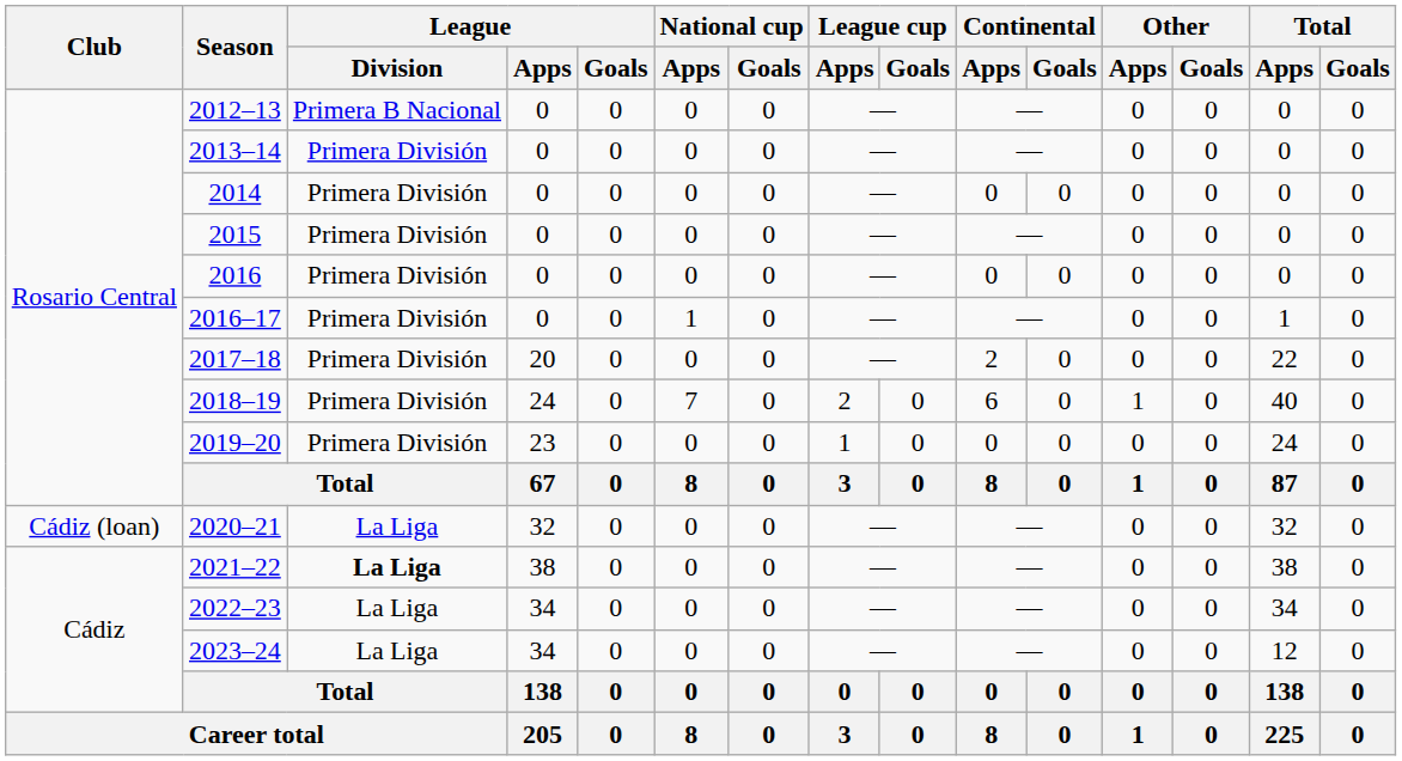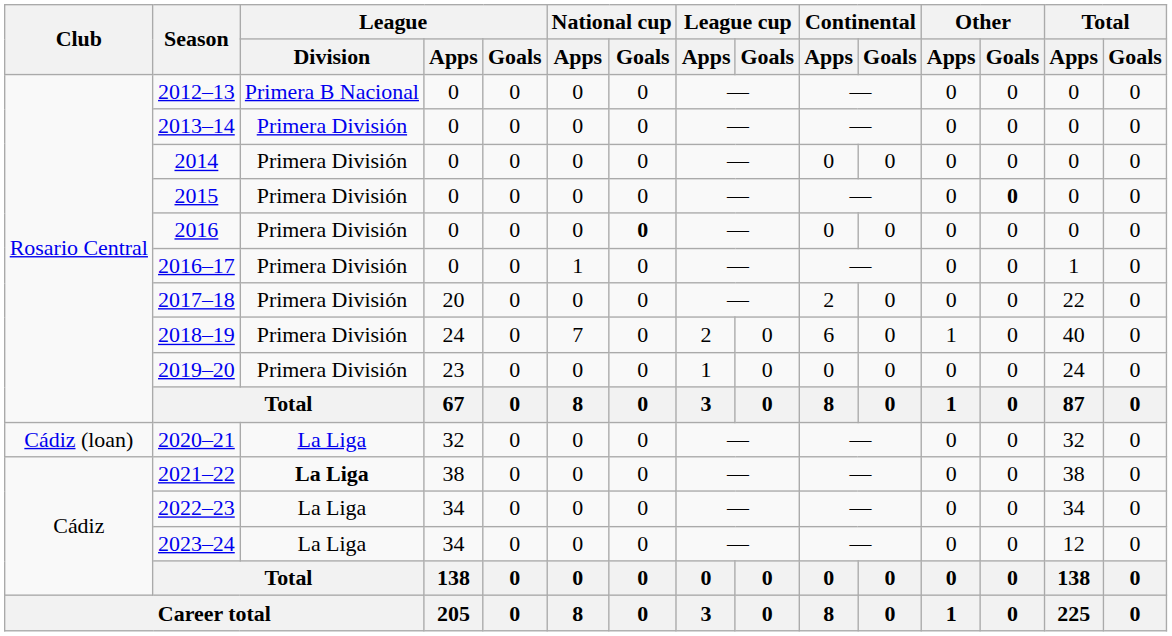 <table class="wikitable" style="text-align:center">
 <tr>
 <th rowspan="2">Club</th>
 <th rowspan="2">Season</th>
 <th colspan="3">League</th>
 <th colspan="2">National cup</th>
 <th colspan="2">League cup</th>
 <th colspan="2">Continental</th>
 <th colspan="2">Other</th>
 <th colspan="2">Total</th>
 </tr>
 <tr>
 <th>Division</th>
 <th>Apps</th>
 <th>Goals</th>
 <th>Apps</th>
 <th>Goals</th>
 <th>Apps</th>
 <th>Goals</th>
 <th>Apps</th>
 <th>Goals</th>
 <th>Apps</th>
 <th>Goals</th>
 <th>Apps</th>
 <th>Goals</th>
 </tr>
 <tr>
 <td rowspan="10"><a href='#'>Rosario Central</a></td>
 <td><a href='#'>2012–13</a></td>
 <td><a href='#'>Primera B Nacional</a></td>
 <td>0</td>
 <td>0</td>
 <td>0</td>
 <td>0</td>
 <td colspan="2">—</td>
 <td colspan="2">—</td>
 <td>0</td>
 <td>0</td>
 <td>0</td>
 <td>0</td>
 </tr>
 <tr>
 <td><a href='#'>2013–14</a></td>
 <td><a href='#'>Primera División</a></td>
 <td>0</td>
 <td>0</td>
 <td>0</td>
 <td>0</td>
 <td colspan="2">—</td>
 <td colspan="2">—</td>
 <td>0</td>
 <td>0</td>
 <td>0</td>
 <td>0</td>
 </tr>
 <tr>
 <td><a href='#'>2014</a></td>
 <td>Primera División</td>
 <td>0</td>
 <td>0</td>
 <td>0</td>
 <td>0</td>
 <td colspan="2">—</td>
 <td>0</td>
 <td>0</td>
 <td>0</td>
 <td>0</td>
 <td>0</td>
 <td>0</td>
 </tr>
 <tr>
 <td><a href='#'>2015</a></td>
 <td>Primera División</td>
 <td>0</td>
 <td>0</td>
 <td>0</td>
 <td>0</td>
 <td colspan="2">—</td>
 <td colspan="2">—</td>
 <td>0</td>
-<td>0</td>
+<td><strong>0</strong></td>
 <td>0</td>
 <td>0</td>
 </tr>
 <tr>
 <td><a href='#'>2016</a></td>
 <td>Primera División</td>
 <td>0</td>
 <td>0</td>
 <td>0</td>
-<td>0</td>
+<td><strong>0</strong></td>
 <td colspan="2">—</td>
 <td>0</td>
 <td>0</td>
 <td>0</td>
 <td>0</td>
 <td>0</td>
 <td>0</td>
 </tr>
 <tr>
 <td><a href='#'>2016–17</a></td>
 <td>Primera División</td>
 <td>0</td>
 <td>0</td>
 <td>1</td>
 <td>0</td>
 <td colspan="2">—</td>
 <td colspan="2">—</td>
 <td>0</td>
 <td>0</td>
 <td>1</td>
 <td>0</td>
 </tr>
 <tr>
 <td><a href='#'>2017–18</a></td>
 <td>Primera División</td>
 <td>20</td>
 <td>0</td>
 <td>0</td>
 <td>0</td>
 <td colspan="2">—</td>
 <td>2</td>
 <td>0</td>
 <td>0</td>
 <td>0</td>
 <td>22</td>
 <td>0</td>
 </tr>
 <tr>
 <td><a href='#'>2018–19</a></td>
 <td>Primera División</td>
 <td>24</td>
 <td>0</td>
 <td>7</td>
 <td>0</td>
 <td>2</td>
 <td>0</td>
 <td>6</td>
 <td>0</td>
 <td>1</td>
 <td>0</td>
 <td>40</td>
 <td>0</td>
 </tr>
 <tr>
 <td><a href='#'>2019–20</a></td>
 <td>Primera División</td>
 <td>23</td>
 <td>0</td>
 <td>0</td>
 <td>0</td>
 <td>1</td>
 <td>0</td>
 <td>0</td>
 <td>0</td>
 <td>0</td>
 <td>0</td>
 <td>24</td>
 <td>0</td>
 </tr>
 <tr>
 <th colspan="2">Total</th>
 <th>67</th>
 <th>0</th>
 <th>8</th>
 <th>0</th>
 <th>3</th>
 <th>0</th>
 <th>8</th>
 <th>0</th>
 <th>1</th>
 <th>0</th>
 <th>87</th>
 <th>0</th>
 </tr>
 <tr>
 <td><a href='#'>Cádiz</a> (loan)</td>
 <td><a href='#'>2020–21</a></td>
 <td><a href='#'>La Liga</a></td>
 <td>32</td>
 <td>0</td>
 <td>0</td>
 <td>0</td>
 <td colspan="2">—</td>
 <td colspan="2">—</td>
 <td>0</td>
 <td>0</td>
 <td>32</td>
 <td>0</td>
 </tr>
 <tr>
 <td rowspan="4">Cádiz</td>
 <td><a href='#'>2021–22</a></td>
 <td><strong>La Liga</strong></td>
 <td>38</td>
 <td>0</td>
 <td>0</td>
 <td>0</td>
 <td colspan="2">—</td>
 <td colspan="2">—</td>
 <td>0</td>
 <td>0</td>
 <td>38</td>
 <td>0</td>
 </tr>
 <tr>
 <td><a href='#'>2022–23</a></td>
 <td>La Liga</td>
 <td>34</td>
 <td>0</td>
 <td>0</td>
 <td>0</td>
 <td colspan="2">—</td>
 <td colspan="2">—</td>
 <td>0</td>
 <td>0</td>
 <td>34</td>
 <td>0</td>
 </tr>
 <tr>
 <td><a href='#'>2023–24</a></td>
 <td>La Liga</td>
 <td>34</td>
 <td>0</td>
 <td>0</td>
 <td>0</td>
 <td colspan="2">—</td>
 <td colspan="2">—</td>
 <td>0</td>
 <td>0</td>
 <td>12</td>
 <td>0</td>
 </tr>
 <tr>
 <th colspan="2">Total</th>
 <th>138</th>
 <th>0</th>
 <th>0</th>
 <th>0</th>
 <th>0</th>
 <th>0</th>
 <th>0</th>
 <th>0</th>
 <th>0</th>
 <th>0</th>
 <th>138</th>
 <th>0</th>
 </tr>
 <tr>
 <th colspan="3">Career total</th>
 <th>205</th>
 <th>0</th>
 <th>8</th>
 <th>0</th>
 <th>3</th>
 <th>0</th>
 <th>8</th>
 <th>0</th>
 <th>1</th>
 <th>0</th>
 <th>225</th>
 <th>0</th>
 </tr>
 </table>
